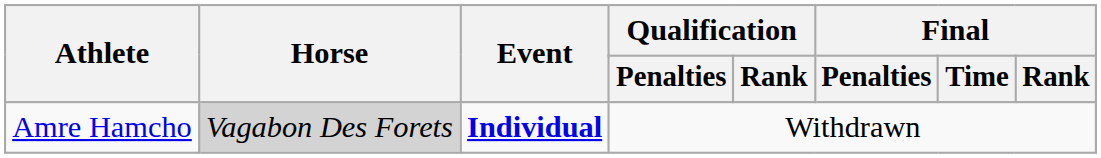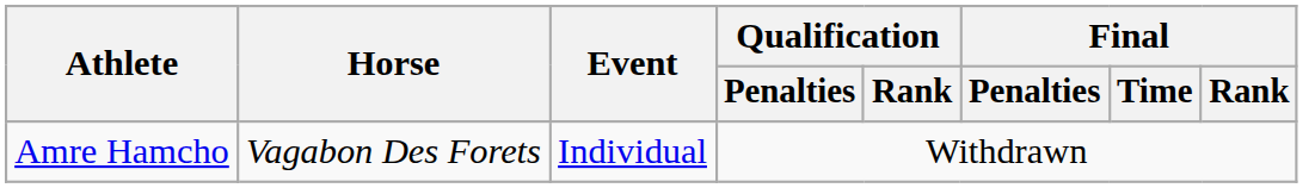 <table class="wikitable" style="font-size:90%">
 <tr>
 <th rowspan="2">Athlete</th>
 <th rowspan="2">Horse</th>
 <th rowspan="2">Event</th>
 <th colspan="2">Qualification</th>
 <th colspan="3">Final</th>
 </tr>
 <tr style="font-size:95%">
 <th>Penalties</th>
 <th>Rank</th>
 <th>Penalties</th>
 <th>Time</th>
 <th>Rank</th>
 </tr>
 <tr align=center>
 <td align=left><a href='#'>Amre Hamcho</a></td>
-<td align=left style="background: lightgrey;"><em>Vagabon Des Forets</em></td>
-<td align=left><strong><a href='#'>Individual</a></strong></td>
+<td align=left><em>Vagabon Des Forets</em></td>
+<td align=left><a href='#'>Individual</a></td>
 <td colspan=5>Withdrawn</td>
 </tr>
 </table>
